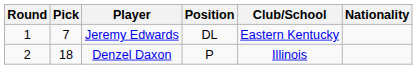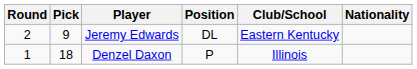 <table class="wikitable" style="font-size: 95%;">
 <tr>
 <th scope="col">Round</th>
 <th scope="col">Pick</th>
 <th scope="col">Player</th>
 <th scope="col">Position</th>
 <th scope="col">Club/School</th>
 <th scope="col">Nationality</th>
 </tr>
 <tr align="center">
-<td align=center>1</td>
-<td>7</td>
+<td align=center>2</td>
+<td>9</td>
 <td><a href='#'>Jeremy Edwards</a></td>
 <td>DL</td>
 <td><a href='#'>Eastern Kentucky</a></td>
 <td></td>
 </tr>
 <tr align="center">
-<td align=center>2</td>
+<td align=center>1</td>
 <td>18</td>
 <td><a href='#'>Denzel Daxon</a></td>
 <td>P</td>
 <td><a href='#'>Illinois</a></td>
 <td></td>
 </tr>
 </table>
